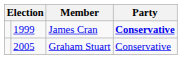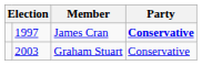 <table class="wikitable">
 <tr>
 <th colspan="2">Election</th>
 <th>Member</th>
 <th>Party</th>
 </tr>
 <tr>
 <td style="color:inherit;background-color: "></td>
-<td><a href='#'>1999</a></td>
+<td><a href='#'>1997</a></td>
 <td><a href='#'>James Cran</a></td>
 <td><strong><a href='#'>Conservative</a></strong></td>
 </tr>
 <tr>
 <td style="color:inherit;background-color: "></td>
-<td><a href='#'>2005</a></td>
+<td><a href='#'>2003</a></td>
 <td><a href='#'>Graham Stuart</a></td>
 <td><a href='#'>Conservative</a></td>
 </tr>
 </table>
